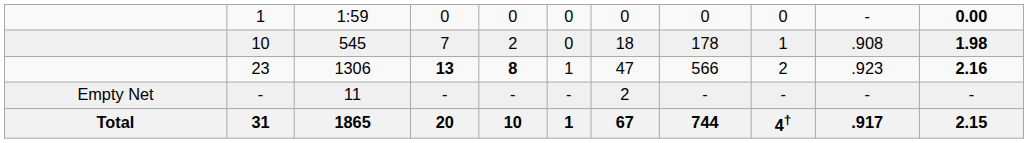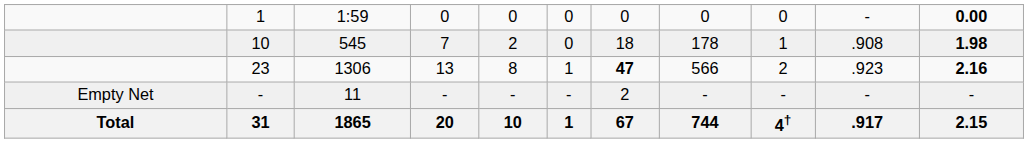 <table class="wikitable sortable" width ="1000">
 <tr align="center">
 </tr>
 <tr align="center" bgcolor="">
 <td></td>
 <td>1</td>
 <td>1:59</td>
 <td>0</td>
 <td>0</td>
 <td>0</td>
 <td>0</td>
 <td>0</td>
 <td>0</td>
 <td>-</td>
 <td><strong>0.00</strong></td>
 </tr>
 <tr align="center" bgcolor="f0f0f0">
 <td></td>
 <td>10</td>
 <td>545</td>
 <td>7</td>
 <td>2</td>
 <td>0</td>
 <td>18</td>
 <td>178</td>
 <td>1</td>
 <td>.908</td>
 <td><strong>1.98</strong></td>
 </tr>
 <tr align="center" bgcolor="">
 <td></td>
 <td>23</td>
 <td>1306</td>
-<td><strong>13</strong></td>
-<td><strong>8</strong></td>
+<td>13</td>
+<td>8</td>
 <td>1</td>
-<td>47</td>
+<td><strong>47</strong></td>
 <td>566</td>
 <td>2</td>
 <td>.923</td>
 <td><strong>2.16</strong></td>
 </tr>
 <tr align="center" bgcolor="f0f0f0">
 <td>Empty Net</td>
 <td>-</td>
 <td>11</td>
 <td>-</td>
 <td>-</td>
 <td>-</td>
 <td>2</td>
 <td>-</td>
 <td>-</td>
 <td>-</td>
 <td>-</td>
 </tr>
 <tr>
 <th>Total</th>
 <th>31</th>
 <th>1865</th>
 <th>20</th>
 <th>10</th>
 <th>1</th>
 <th>67</th>
 <th>744</th>
 <th>4<sup>†</sup></th>
 <th>.917</th>
 <th>2.15</th>
 </tr>
 </table>
